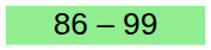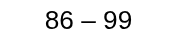 <table style="text-align:center;">
 <tr>
 <th width=200></th>
 <th width=100></th>
 <th width=200></th>
 <th></th>
 </tr>
 <tr>
 <td align=right></td>
-<td style="background: lightgreen;">86 – 99</td>
+<td>86 – 99</td>
 <td align=left><strong></strong></td>
 </tr>
 </table>
